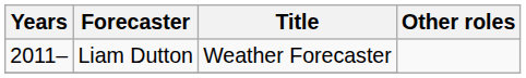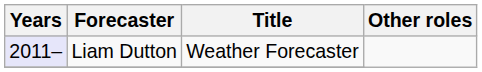 <table class="wikitable" style="font-size:90%;">
 <tr>
 <th>Years</th>
 <th>Forecaster</th>
 <th>Title</th>
 <th>Other roles</th>
 </tr>
 <tr>
-<td>2011–</td>
+<td style="background: lavender;">2011–</td>
 <td>Liam Dutton</td>
 <td>Weather Forecaster</td>
 </tr>
 <tr>
 </tr>
 </table>
